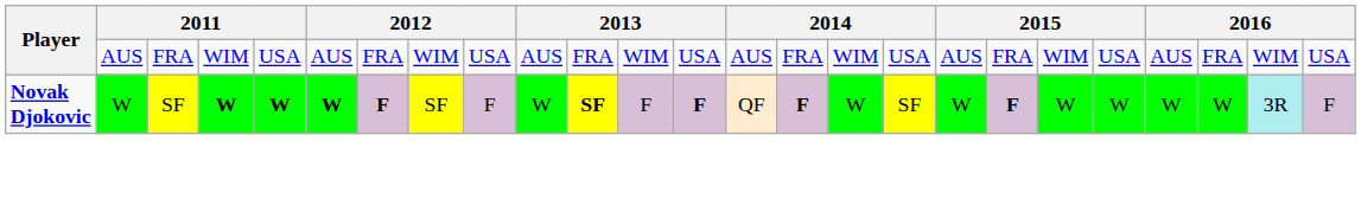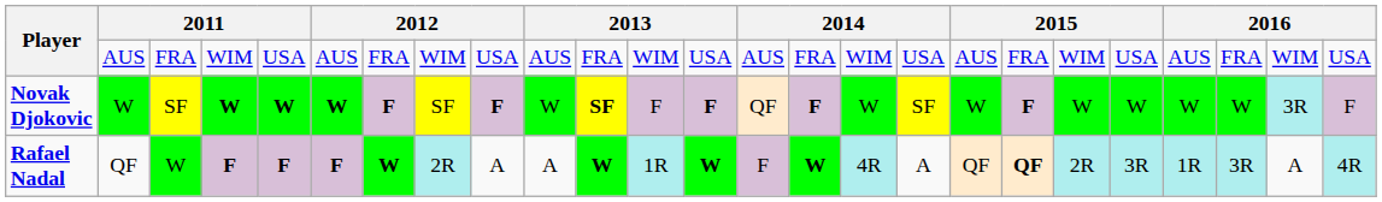 <table class="wikitable" style="text-align:center;font-size:85%">
 <tr>
 <th rowspan="2">Player</th>
 <th colspan="4">2011</th>
 <th colspan="4">2012</th>
 <th colspan="4">2013</th>
 <th colspan="4">2014</th>
 <th colspan="4">2015</th>
 <th colspan="4">2016</th>
 </tr>
 <tr>
 <td><a href='#'>AUS</a></td>
 <td><a href='#'>FRA</a></td>
 <td><a href='#'>WIM</a></td>
 <td><a href='#'>USA</a></td>
 <td><a href='#'>AUS</a></td>
 <td><a href='#'>FRA</a></td>
 <td><a href='#'>WIM</a></td>
 <td><a href='#'>USA</a></td>
 <td><a href='#'>AUS</a></td>
 <td><a href='#'>FRA</a></td>
 <td><a href='#'>WIM</a></td>
 <td><a href='#'>USA</a></td>
 <td><a href='#'>AUS</a></td>
 <td><a href='#'>FRA</a></td>
 <td><a href='#'>WIM</a></td>
 <td><a href='#'>USA</a></td>
 <td><a href='#'>AUS</a></td>
 <td><a href='#'>FRA</a></td>
 <td><a href='#'>WIM</a></td>
 <td><a href='#'>USA</a></td>
 <td><a href='#'>AUS</a></td>
 <td><a href='#'>FRA</a></td>
 <td><a href='#'>WIM</a></td>
 <td><a href='#'>USA</a></td>
 </tr>
 <tr>
 <td style="text-align:left"> <strong><a href='#'>Novak Djokovic</a></strong></td>
 <td style="background:lime">W</td>
 <td style="background:yellow">SF</td>
 <td style="background:lime"><strong>W</strong></td>
 <td style="background:lime"><strong>W</strong></td>
 <td style="background:lime"><strong>W</strong></td>
 <td style="background:thistle"><strong>F</strong></td>
 <td style="background:yellow">SF</td>
-<td style="background:thistle">F</td>
+<td style="background:thistle"><strong>F</strong></td>
 <td style="background:lime">W</td>
 <td style="background:yellow"><strong>SF</strong></td>
 <td style="background:thistle">F</td>
 <td style="background:thistle"><strong>F</strong></td>
 <td style="background:#ffebcd">QF</td>
 <td style="background:thistle"><strong>F</strong></td>
 <td style="background:lime">W</td>
 <td style="background:yellow">SF</td>
 <td style="background:lime">W</td>
 <td style="background:thistle"><strong>F</strong></td>
 <td style="background:lime">W</td>
 <td style="background:lime">W</td>
 <td style="background:lime">W</td>
 <td style="background:lime">W</td>
 <td style="background:#afeeee">3R</td>
 <td style="background:thistle">F</td>
 </tr>
+<tr>
+<td style="text-align:left"> <strong><a href='#'>Rafael Nadal</a></strong></td>
+<td style="background:ffebcd">QF</td>
+<td style="background:lime">W</td>
+<td style="background:thistle"><strong>F</strong></td>
+<td style="background:thistle"><strong>F</strong></td>
+<td style="background:thistle"><strong>F</strong></td>
+<td style="background:lime"><strong>W</strong></td>
+<td style="background:#afeeee">2R</td>
+<td>A</td>
+<td>A</td>
+<td style="background:lime"><strong>W</strong></td>
+<td style="background:#afeeee">1R</td>
+<td style="background:lime"><strong>W</strong></td>
+<td style="background:thistle">F</td>
+<td style="background:lime"><strong>W</strong></td>
+<td style="background:#afeeee">4R</td>
+<td>A</td>
+<td style="background:#ffebcd">QF</td>
+<td style="background:#ffebcd"><strong>QF</strong></td>
+<td style="background:#afeeee">2R</td>
+<td style="background:#afeeee">3R</td>
+<td style="background:#afeeee">1R</td>
+<td style="background:#afeeee">3R</td>
+<td>A</td>
+<td style="background:#afeeee">4R</td>
+</tr>
 </table>
